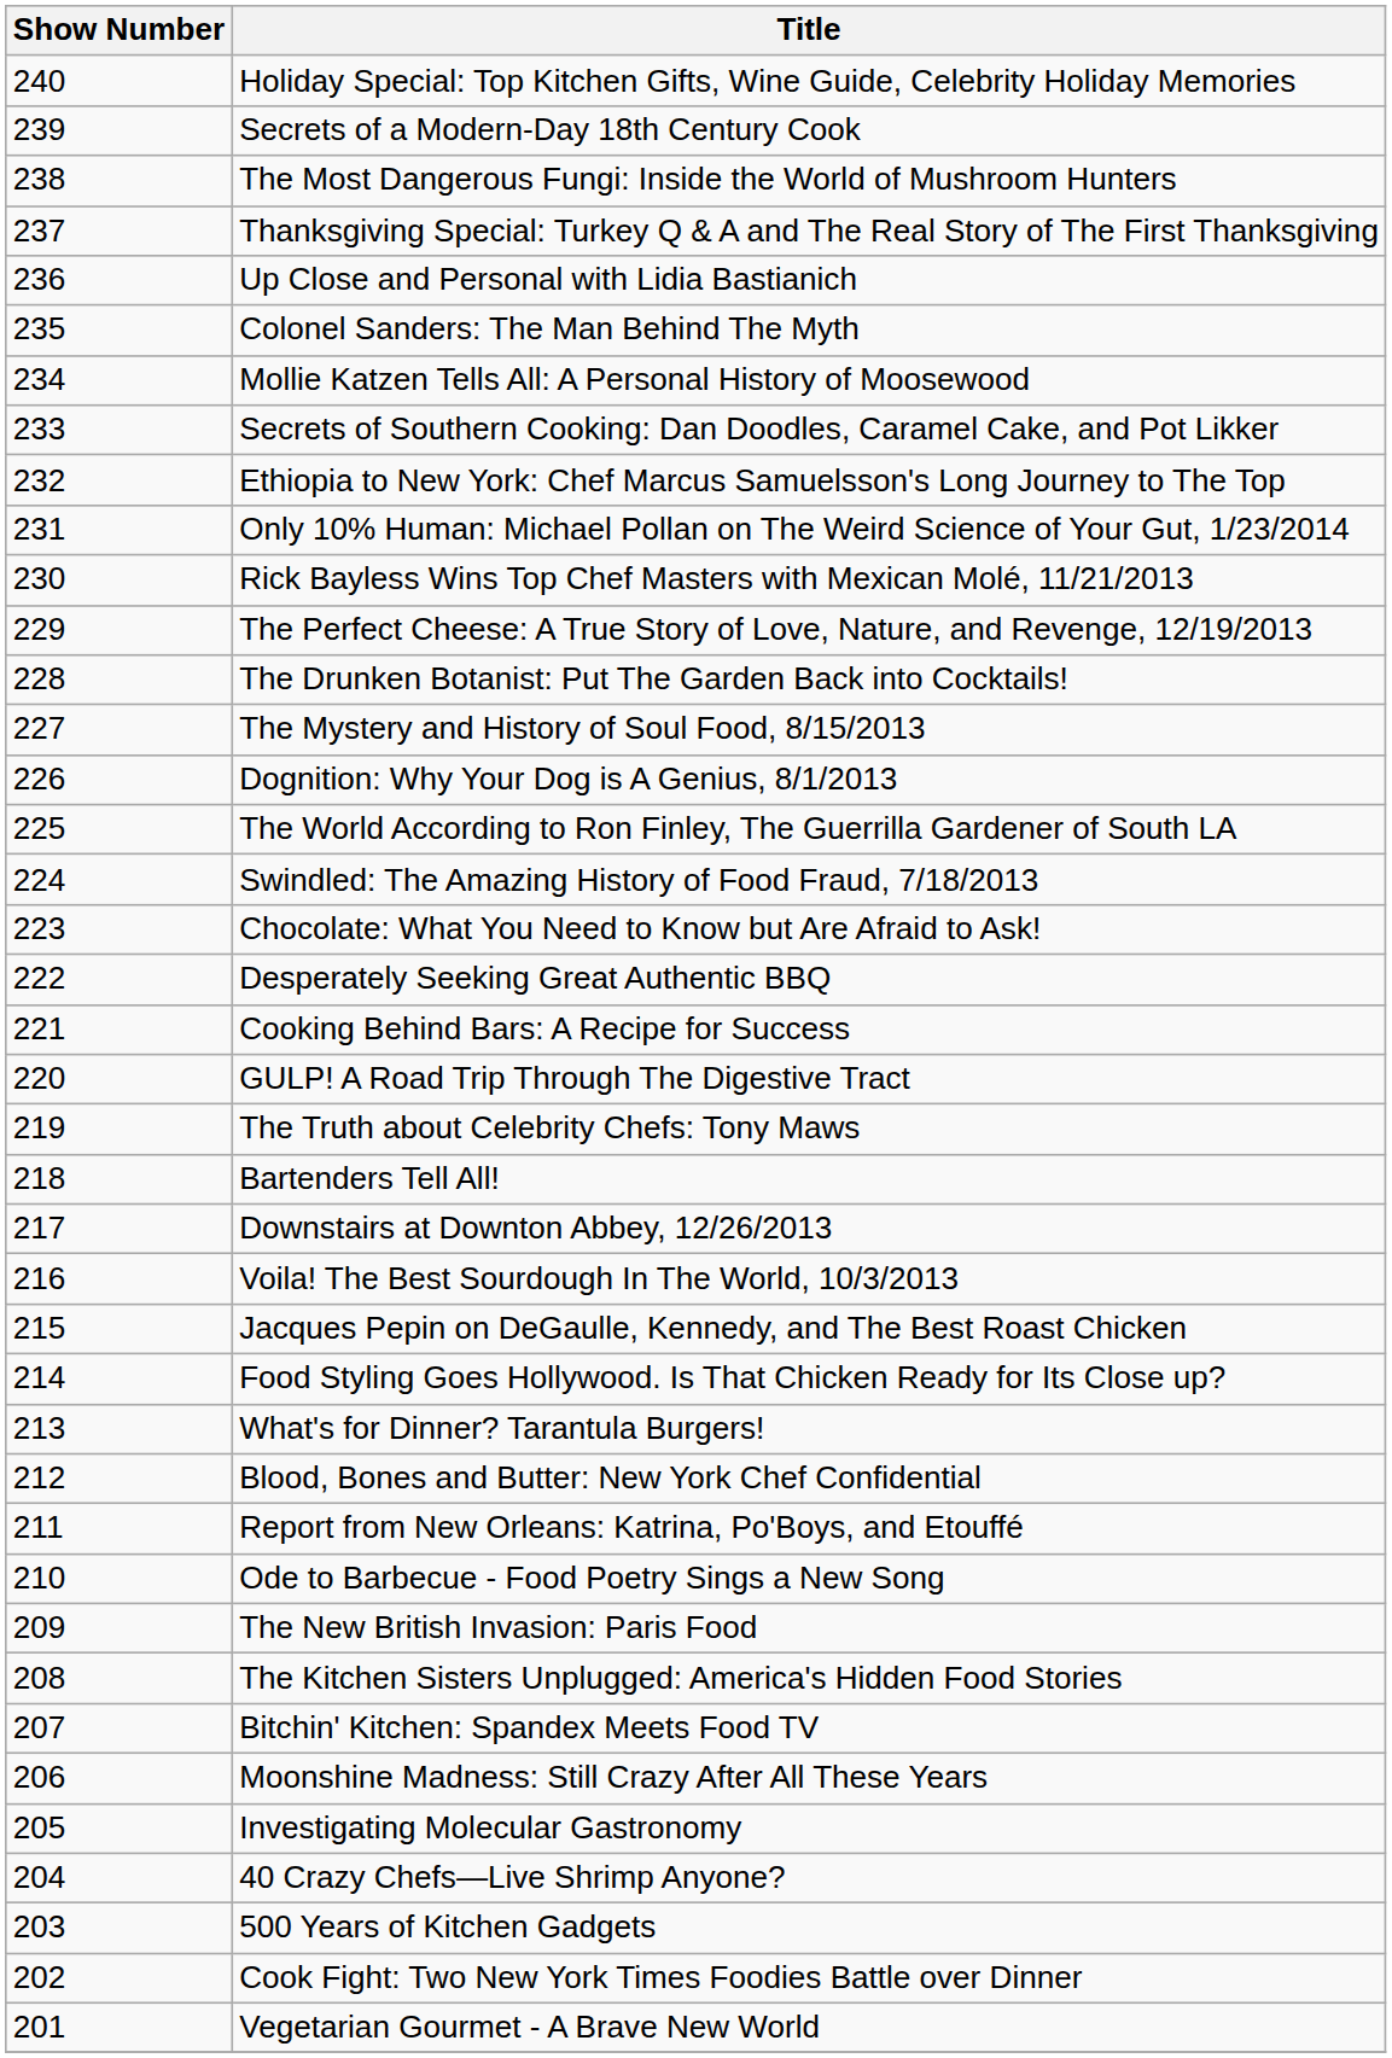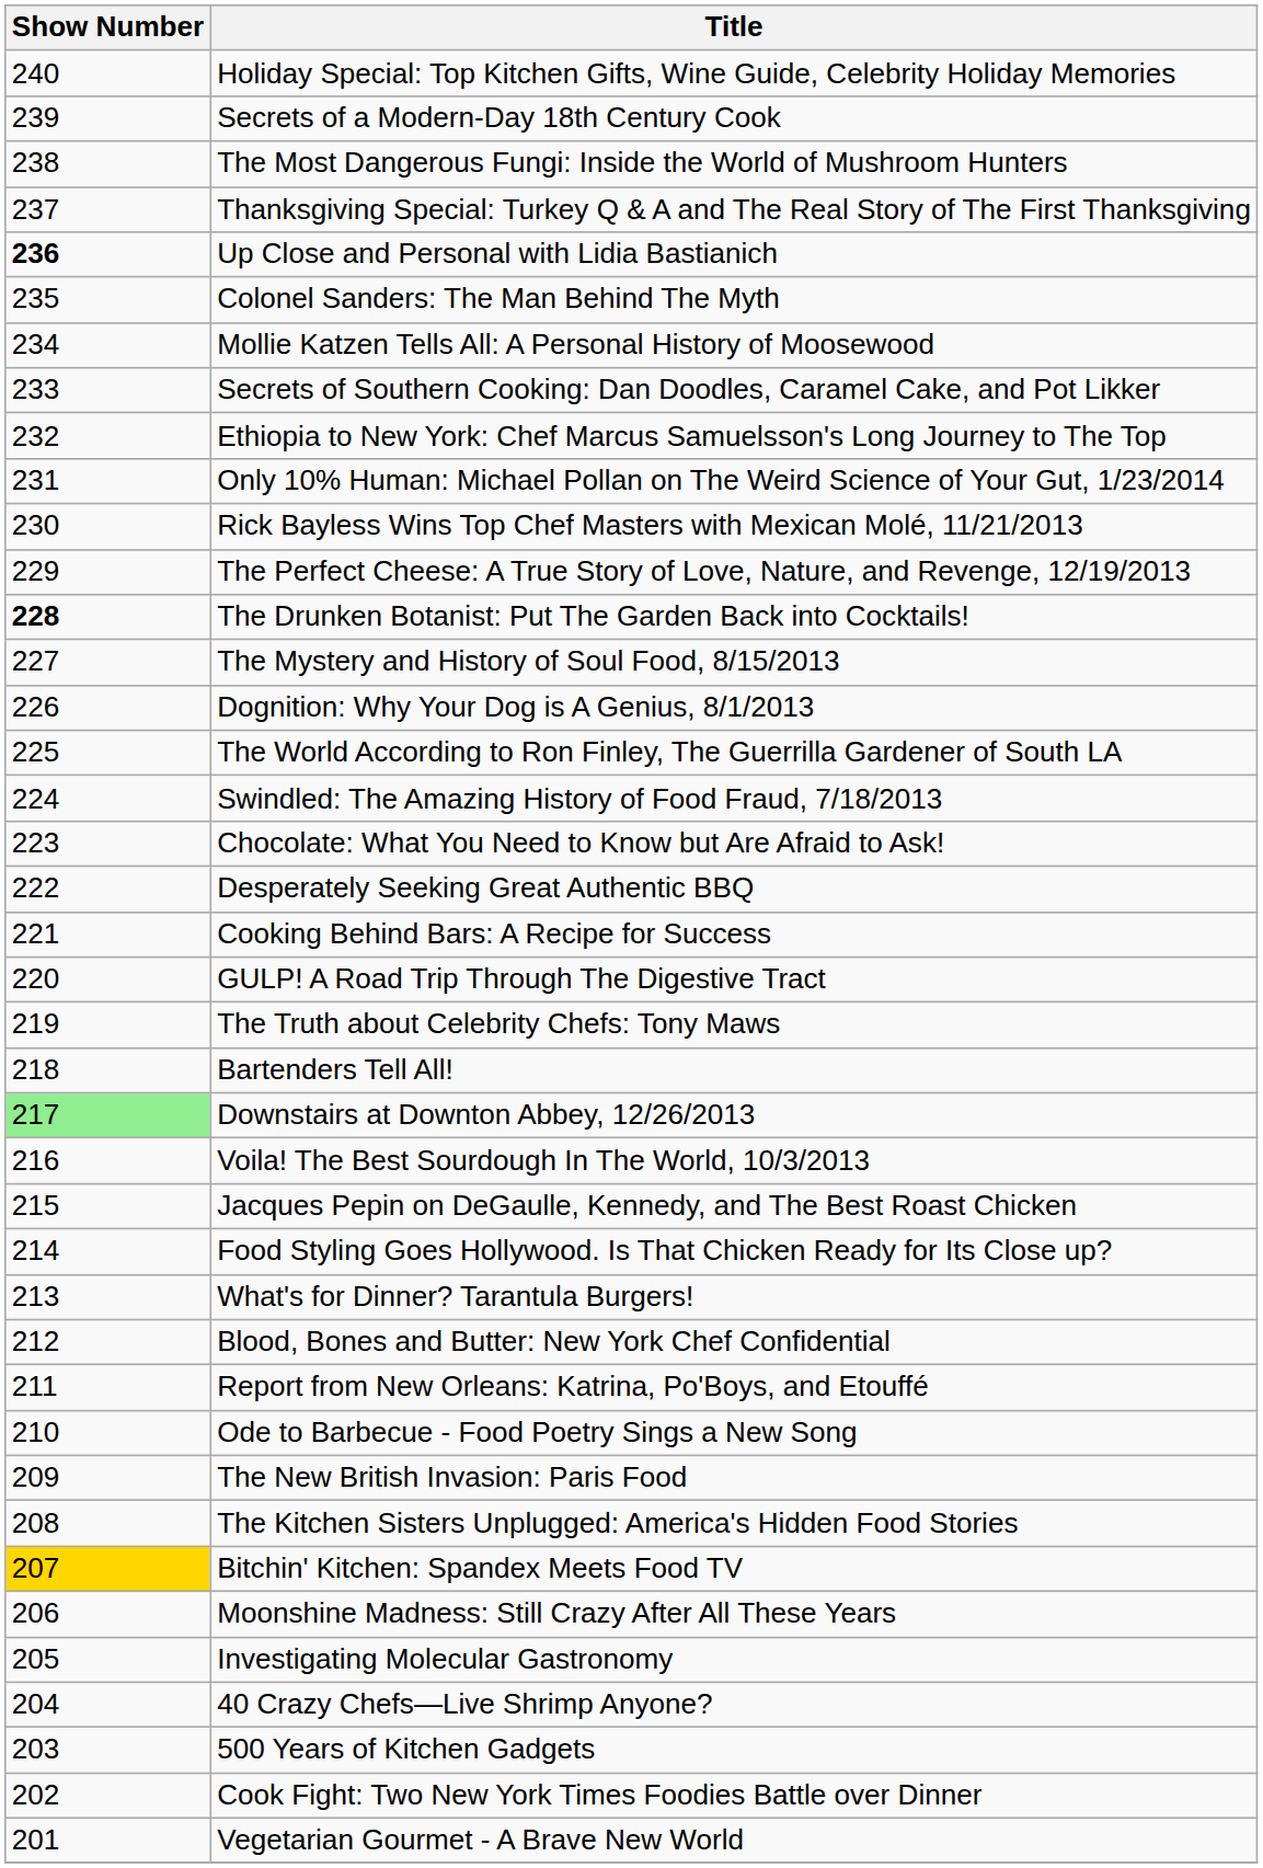 <table class=wikitable>
 <tr>
 <th>Show Number</th>
 <th>Title</th>
 </tr>
 <tr>
 <td>240</td>
 <td>Holiday Special: Top Kitchen Gifts, Wine Guide, Celebrity Holiday Memories</td>
 </tr>
 <tr>
 <td>239</td>
 <td>Secrets of a Modern-Day 18th Century Cook</td>
 </tr>
 <tr>
 <td>238</td>
 <td>The Most Dangerous Fungi: Inside the World of Mushroom Hunters</td>
 </tr>
 <tr>
 <td>237</td>
 <td>Thanksgiving Special: Turkey Q & A and The Real Story of The First Thanksgiving</td>
 </tr>
 <tr>
-<td>236</td>
+<td><strong>236</strong></td>
 <td>Up Close and Personal with Lidia Bastianich</td>
 </tr>
 <tr>
 <td>235</td>
 <td>Colonel Sanders: The Man Behind The Myth</td>
 </tr>
 <tr>
 <td>234</td>
 <td>Mollie Katzen Tells All: A Personal History of Moosewood</td>
 </tr>
 <tr>
 <td>233</td>
 <td>Secrets of Southern Cooking: Dan Doodles, Caramel Cake, and Pot Likker</td>
 </tr>
 <tr>
 <td>232</td>
 <td>Ethiopia to New York: Chef Marcus Samuelsson's Long Journey to The Top</td>
 </tr>
 <tr>
 <td>231</td>
 <td>Only 10% Human: Michael Pollan on The Weird Science of Your Gut, 1/23/2014</td>
 </tr>
 <tr>
 <td>230</td>
 <td>Rick Bayless Wins Top Chef Masters with Mexican Molé, 11/21/2013</td>
 </tr>
 <tr>
 <td>229</td>
 <td>The Perfect Cheese: A True Story of Love, Nature, and Revenge, 12/19/2013</td>
 </tr>
 <tr>
-<td>228</td>
+<td><strong>228</strong></td>
 <td>The Drunken Botanist: Put The Garden Back into Cocktails!</td>
 </tr>
 <tr>
 <td>227</td>
 <td>The Mystery and History of Soul Food, 8/15/2013</td>
 </tr>
 <tr>
 <td>226</td>
 <td>Dognition: Why Your Dog is A Genius, 8/1/2013</td>
 </tr>
 <tr>
 <td>225</td>
 <td>The World According to Ron Finley, The Guerrilla Gardener of South LA</td>
 </tr>
 <tr>
 <td>224</td>
 <td>Swindled: The Amazing History of Food Fraud, 7/18/2013</td>
 </tr>
 <tr>
 <td>223</td>
 <td>Chocolate: What You Need to Know but Are Afraid to Ask!</td>
 </tr>
 <tr>
 <td>222</td>
 <td>Desperately Seeking Great Authentic BBQ</td>
 </tr>
 <tr>
 <td>221</td>
 <td>Cooking Behind Bars: A Recipe for Success</td>
 </tr>
 <tr>
 <td>220</td>
 <td>GULP! A Road Trip Through The Digestive Tract</td>
 </tr>
 <tr>
 <td>219</td>
 <td>The Truth about Celebrity Chefs: Tony Maws</td>
 </tr>
 <tr>
 <td>218</td>
 <td>Bartenders Tell All!</td>
 </tr>
 <tr>
-<td>217</td>
+<td style="background: lightgreen;">217</td>
 <td>Downstairs at Downton Abbey, 12/26/2013</td>
 </tr>
 <tr>
 <td>216</td>
 <td>Voila! The Best Sourdough In The World, 10/3/2013</td>
 </tr>
 <tr>
 <td>215</td>
 <td>Jacques Pepin on DeGaulle, Kennedy, and The Best Roast Chicken</td>
 </tr>
 <tr>
 <td>214</td>
 <td>Food Styling Goes Hollywood. Is That Chicken Ready for Its Close up?</td>
 </tr>
 <tr>
 <td>213</td>
 <td>What's for Dinner? Tarantula Burgers!</td>
 </tr>
 <tr>
 <td>212</td>
 <td>Blood, Bones and Butter: New York Chef Confidential</td>
 </tr>
 <tr>
 <td>211</td>
 <td>Report from New Orleans: Katrina, Po'Boys, and Etouffé</td>
 </tr>
 <tr>
 <td>210</td>
 <td>Ode to Barbecue - Food Poetry Sings a New Song</td>
 </tr>
 <tr>
 <td>209</td>
 <td>The New British Invasion: Paris Food</td>
 </tr>
 <tr>
 <td>208</td>
 <td>The Kitchen Sisters Unplugged: America's Hidden Food Stories</td>
 </tr>
 <tr>
-<td>207</td>
+<td style="background: gold;">207</td>
 <td>Bitchin' Kitchen: Spandex Meets Food TV</td>
 </tr>
 <tr>
 <td>206</td>
 <td>Moonshine Madness: Still Crazy After All These Years</td>
 </tr>
 <tr>
 <td>205</td>
 <td>Investigating Molecular Gastronomy</td>
 </tr>
 <tr>
 <td>204</td>
 <td>40 Crazy Chefs—Live Shrimp Anyone?</td>
 </tr>
 <tr>
 <td>203</td>
 <td>500 Years of Kitchen Gadgets</td>
 </tr>
 <tr>
 <td>202</td>
 <td>Cook Fight: Two New York Times Foodies Battle over Dinner</td>
 </tr>
 <tr>
 <td>201</td>
 <td>Vegetarian Gourmet - A Brave New World</td>
 </tr>
 <tr>
 </tr>
 </table>
